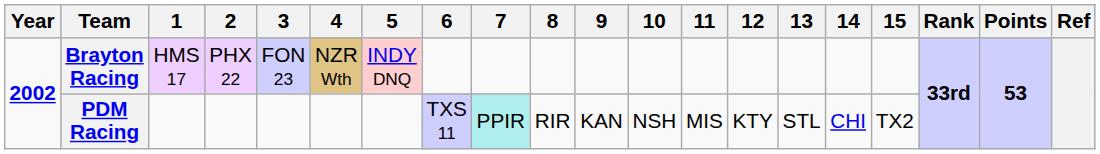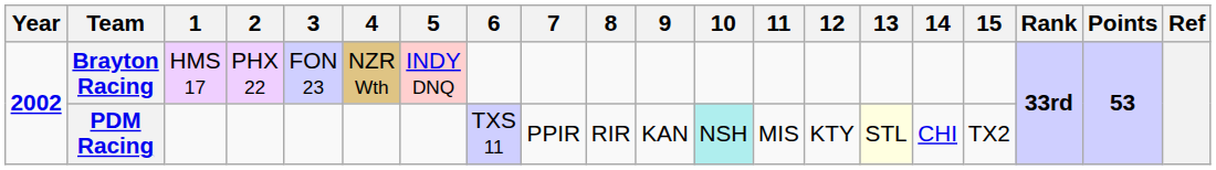 <table class="wikitable" style="text-align:center; font-size:90%">
 <tr>
 <th>Year</th>
 <th>Team</th>
 <th>1</th>
 <th>2</th>
 <th>3</th>
 <th>4</th>
 <th>5</th>
 <th>6</th>
 <th>7</th>
 <th>8</th>
 <th>9</th>
 <th>10</th>
 <th>11</th>
 <th>12</th>
 <th>13</th>
 <th>14</th>
 <th>15</th>
 <th>Rank</th>
 <th>Points</th>
 <th>Ref</th>
 </tr>
 <tr>
 <td rowspan="2"><strong><a href='#'>2002</a></strong></td>
 <th><a href='#'>Brayton Racing</a></th>
 <td style="background:#EFCFFF;">HMS<br><small>17</small></td>
 <td style="background:#EFCFFF;">PHX<br><small>22</small></td>
 <td style="background:#CFCFFF;">FON<br><small>23</small></td>
 <td style="background:#DFC484;">NZR<br><small>Wth</small></td>
 <td style="background:#FFCFCF;"><a href='#'>INDY</a><br><small>DNQ</small></td>
 <td> </td>
 <td> </td>
 <td> </td>
 <td> </td>
 <td> </td>
 <td> </td>
 <td> </td>
 <td> </td>
 <td> </td>
 <td> </td>
 <td rowspan="2" style="background:#CFCFFF;"><strong>33rd</strong></td>
 <td rowspan="2" style="background:#CFCFFF;"><strong>53</strong></td>
 <th rowspan=2></th>
 </tr>
 <tr>
 <th><a href='#'>PDM Racing</a></th>
 <td> </td>
 <td> </td>
 <td> </td>
 <td> </td>
 <td> </td>
 <td style="background:#CFCFFF;">TXS<br><small>11</small></td>
-<td style="background: paleturquoise;">PPIR<br><small></small></td>
+<td>PPIR<br><small></small></td>
 <td>RIR<br><small></small></td>
 <td>KAN<br><small></small></td>
-<td>NSH<br><small></small></td>
+<td style="background: paleturquoise;">NSH<br><small></small></td>
 <td>MIS<br><small></small></td>
 <td>KTY<br><small></small></td>
-<td>STL<br><small></small></td>
+<td style="background: lightyellow;">STL<br><small></small></td>
 <td><a href='#'>CHI</a><br><small></small></td>
 <td>TX2<br><small></small></td>
 </tr>
 </table>
